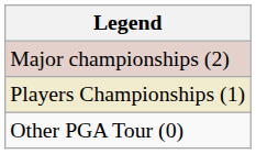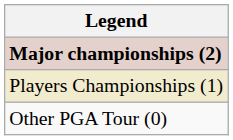 <table class="wikitable" style="font-size:95%;">
 <tr>
 <th>Legend</th>
 </tr>
 <tr style="background:#e5d1cb;">
-<td>Major championships (2)</td>
+<td><strong>Major championships (2)</strong></td>
 </tr>
 <tr style="background:#f2ecce;">
 <td>Players Championships (1)</td>
 </tr>
 <tr>
 <td>Other PGA Tour (0)</td>
 </tr>
 </table>
